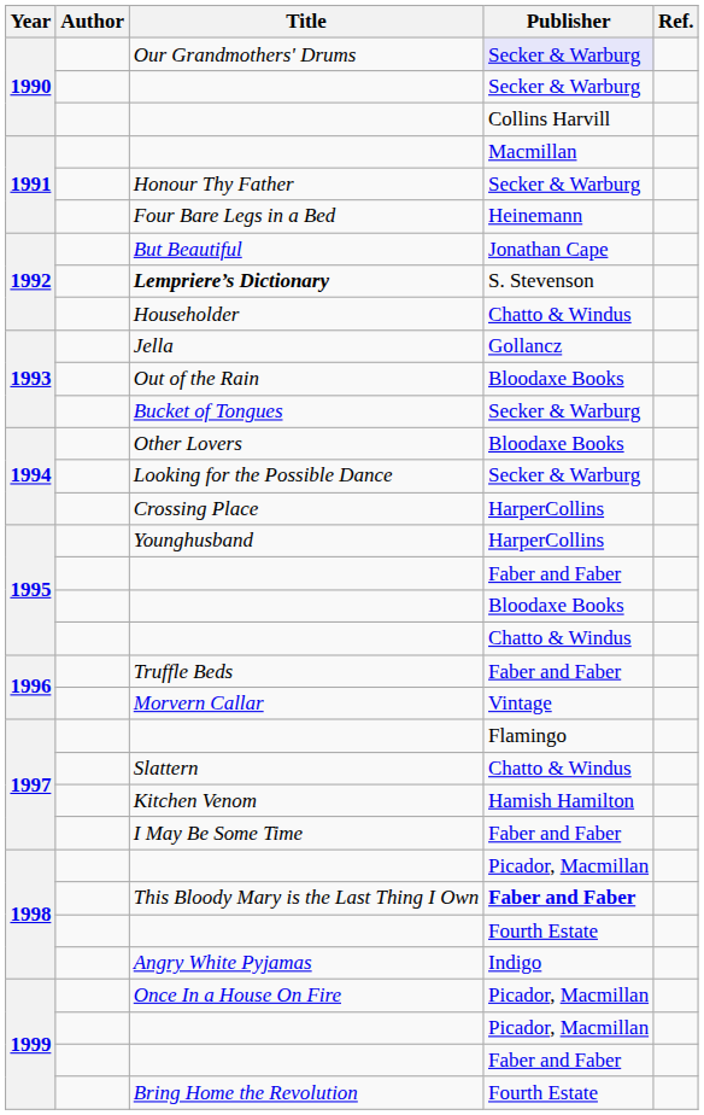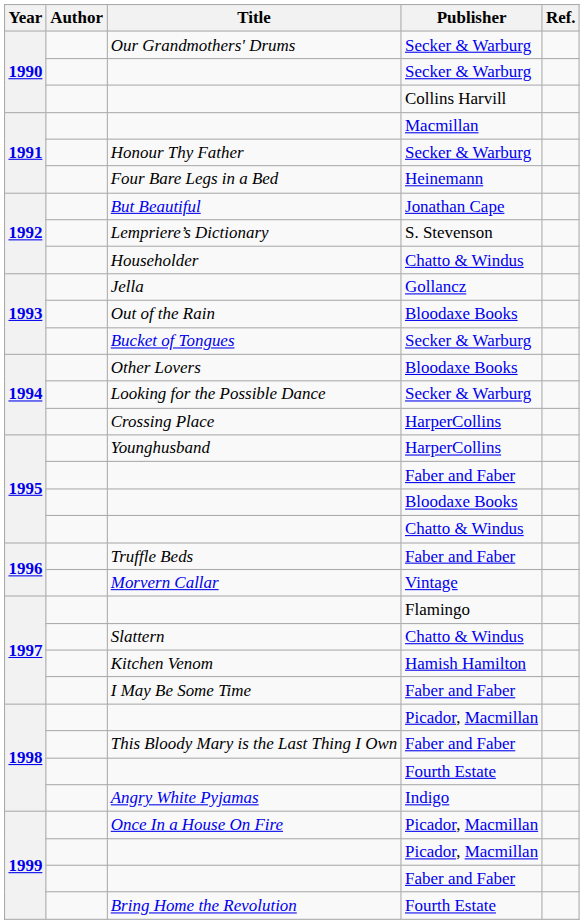 <table class="wikitable">
 <tr>
 <th>Year</th>
 <th>Author</th>
 <th>Title</th>
 <th>Publisher</th>
 <th>Ref.</th>
 </tr>
 <tr>
 <th rowspan="3"><a href='#'>1990</a></th>
 <td></td>
 <td><em>Our Grandmothers' Drums</em></td>
-<td style="background: lavender;"><a href='#'>Secker & Warburg</a></td>
+<td><a href='#'>Secker & Warburg</a></td>
 <td></td>
 </tr>
 <tr>
 <td></td>
 <td><em></em></td>
 <td><a href='#'>Secker & Warburg</a></td>
 <td></td>
 </tr>
 <tr>
 <td></td>
 <td><em></em></td>
 <td>Collins Harvill</td>
 <td></td>
 </tr>
 <tr>
 <th rowspan="3"><a href='#'>1991</a></th>
 <td></td>
 <td><em></em></td>
 <td><a href='#'>Macmillan</a></td>
 <td></td>
 </tr>
 <tr>
 <td></td>
 <td><em>Honour Thy Father</em></td>
 <td><a href='#'>Secker & Warburg</a></td>
 <td></td>
 </tr>
 <tr>
 <td></td>
 <td><em>Four Bare Legs in a Bed</em></td>
 <td><a href='#'>Heinemann</a></td>
 <td></td>
 </tr>
 <tr>
 <th rowspan="3"><a href='#'>1992</a></th>
 <td></td>
 <td><em><a href='#'>But Beautiful</a></em></td>
 <td><a href='#'>Jonathan Cape</a></td>
 <td></td>
 </tr>
 <tr>
 <td></td>
-<td><strong><em>Lempriere’s Dictionary</em></strong></td>
+<td><em>Lempriere’s Dictionary</em></td>
 <td>S. Stevenson</td>
 <td></td>
 </tr>
 <tr>
 <td></td>
 <td><em>Householder</em></td>
 <td><a href='#'>Chatto & Windus</a></td>
 <td></td>
 </tr>
 <tr>
 <th rowspan="3"><a href='#'>1993</a></th>
 <td></td>
 <td><em>Jella</em></td>
 <td><a href='#'>Gollancz</a></td>
 <td></td>
 </tr>
 <tr>
 <td></td>
 <td><em>Out of the Rain</em></td>
 <td><a href='#'>Bloodaxe Books</a></td>
 <td></td>
 </tr>
 <tr>
 <td></td>
 <td><em><a href='#'>Bucket of Tongues</a></em></td>
 <td><a href='#'>Secker & Warburg</a></td>
 <td></td>
 </tr>
 <tr>
 <th rowspan="3"><a href='#'>1994</a></th>
 <td></td>
 <td><em>Other Lovers</em></td>
 <td><a href='#'>Bloodaxe Books</a></td>
 <td></td>
 </tr>
 <tr>
 <td></td>
 <td><em>Looking for the Possible Dance</em></td>
 <td><a href='#'>Secker & Warburg</a></td>
 <td></td>
 </tr>
 <tr>
 <td></td>
 <td><em>Crossing Place</em></td>
 <td><a href='#'>HarperCollins</a></td>
 <td></td>
 </tr>
 <tr>
 <th rowspan="4"><a href='#'>1995</a></th>
 <td></td>
 <td><em>Younghusband</em></td>
 <td><a href='#'>HarperCollins</a></td>
 <td></td>
 </tr>
 <tr>
 <td></td>
 <td><em></em></td>
 <td><a href='#'>Faber and Faber</a></td>
 <td></td>
 </tr>
 <tr>
 <td></td>
 <td><em></em></td>
 <td><a href='#'>Bloodaxe Books</a></td>
 <td></td>
 </tr>
 <tr>
 <td></td>
 <td><em></em></td>
 <td><a href='#'>Chatto & Windus</a></td>
 <td></td>
 </tr>
 <tr>
 <th rowspan="2"><a href='#'>1996</a></th>
 <td></td>
 <td><em>Truffle Beds</em></td>
 <td><a href='#'>Faber and Faber</a></td>
 <td></td>
 </tr>
 <tr>
 <td></td>
 <td><em><a href='#'>Morvern Callar</a></em></td>
 <td><a href='#'>Vintage</a></td>
 <td></td>
 </tr>
 <tr>
 <th rowspan="4"><a href='#'>1997</a></th>
 <td></td>
 <td><em></em></td>
 <td>Flamingo</td>
 <td></td>
 </tr>
 <tr>
 <td></td>
 <td><em>Slattern</em></td>
 <td><a href='#'>Chatto & Windus</a></td>
 <td></td>
 </tr>
 <tr>
 <td></td>
 <td><em>Kitchen Venom</em></td>
 <td><a href='#'>Hamish Hamilton</a></td>
 <td></td>
 </tr>
 <tr>
 <td></td>
 <td><em>I May Be Some Time</em></td>
 <td><a href='#'>Faber and Faber</a></td>
 <td></td>
 </tr>
 <tr>
 <th rowspan="4"><a href='#'>1998</a></th>
 <td></td>
 <td><em></em></td>
 <td><a href='#'>Picador</a>, <a href='#'>Macmillan</a></td>
 <td></td>
 </tr>
 <tr>
 <td></td>
 <td><em>This Bloody Mary is the Last Thing I Own</em></td>
-<td><strong><a href='#'>Faber and Faber</a></strong></td>
+<td><a href='#'>Faber and Faber</a></td>
 <td></td>
 </tr>
 <tr>
 <td></td>
 <td><em></em></td>
 <td><a href='#'>Fourth Estate</a></td>
 <td></td>
 </tr>
 <tr>
 <td></td>
 <td><em><a href='#'>Angry White Pyjamas</a></em></td>
 <td><a href='#'>Indigo</a></td>
 <td></td>
 </tr>
 <tr>
 <th rowspan="4"><a href='#'>1999</a></th>
 <td></td>
 <td><em><a href='#'>Once In a House On Fire</a></em></td>
 <td><a href='#'>Picador</a>, <a href='#'>Macmillan</a></td>
 <td></td>
 </tr>
 <tr>
 <td></td>
 <td><em></em></td>
 <td><a href='#'>Picador</a>, <a href='#'>Macmillan</a></td>
 <td></td>
 </tr>
 <tr>
 <td></td>
 <td><em></em></td>
 <td><a href='#'>Faber and Faber</a></td>
 <td></td>
 </tr>
 <tr>
 <td></td>
 <td><em><a href='#'>Bring Home the Revolution</a></em></td>
 <td><a href='#'>Fourth Estate</a></td>
 <td></td>
 </tr>
 </table>
